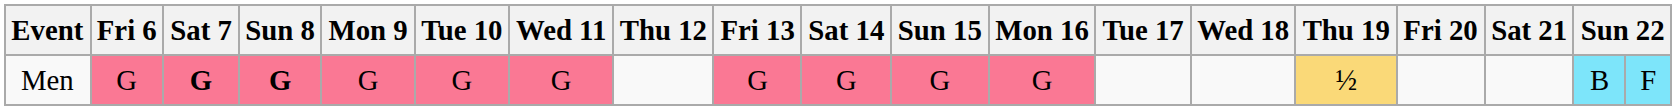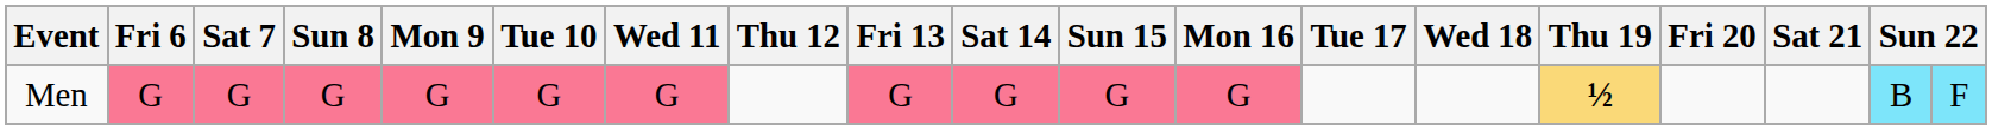 <table class="wikitable" style="margin:0.5em auto; font-size:90%; line-height:1.25em; text-align:center">
 <tr>
 <th>Event</th>
 <th>Fri 6</th>
 <th>Sat 7</th>
 <th>Sun 8</th>
 <th>Mon 9</th>
 <th>Tue 10</th>
 <th>Wed 11</th>
 <th>Thu 12</th>
 <th>Fri 13</th>
 <th>Sat 14</th>
 <th>Sun 15</th>
 <th>Mon 16</th>
 <th>Tue 17</th>
 <th>Wed 18</th>
 <th>Thu 19</th>
 <th>Fri 20</th>
 <th colspan="2">Sat 21</th>
 <th colspan="2">Sun 22</th>
 </tr>
 <tr>
 <td>Men</td>
 <td bgcolor="#FA7894">G</td>
-<td bgcolor="#FA7894"><strong>G</strong></td>
-<td bgcolor="#FA7894"><strong>G</strong></td>
+<td bgcolor="#FA7894">G</td>
+<td bgcolor="#FA7894">G</td>
 <td bgcolor="#FA7894">G</td>
 <td bgcolor="#FA7894">G</td>
 <td bgcolor="#FA7894">G</td>
 <td></td>
 <td bgcolor="#FA7894">G</td>
 <td bgcolor="#FA7894">G</td>
 <td bgcolor="#FA7894">G</td>
 <td bgcolor="#FA7894">G</td>
 <td></td>
 <td></td>
-<td bgcolor="#FAD978">½</td>
+<td bgcolor="#FAD978"><strong>½</strong></td>
 <td></td>
 <td colspan="2"></td>
 <td bgcolor="#7DE5FA">B</td>
 <td bgcolor="#7DE5FA">F</td>
 </tr>
 <tr>
 </tr>
 </table>
